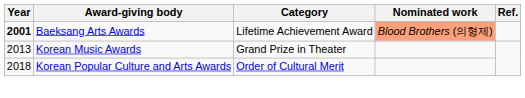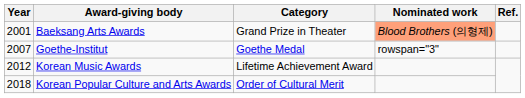 <table class="wikitable">
 <tr>
 <th>Year</th>
 <th>Award-giving body</th>
 <th>Category</th>
 <th>Nominated work</th>
 <th>Ref.</th>
 </tr>
 <tr>
-<td><strong>2001</strong></td>
+<td>2001</td>
 <td><a href='#'>Baeksang Arts Awards</a></td>
-<td>Lifetime Achievement Award</td>
+<td>Grand Prize in Theater</td>
 <td style="background: lightsalmon;"><em>Blood Brothers</em> (의형제)</td>
 <td></td>
 </tr>
 <tr>
-<td>2013</td>
+<td>2007</td>
+<td><a href='#'>Goethe-Institut</a></td>
+<td><a href='#'>Goethe Medal</a></td>
+<td>rowspan="3" </td>
+<td></td>
+</tr>
+<tr>
+<td>2012</td>
 <td><a href='#'>Korean Music Awards</a></td>
-<td>Grand Prize in Theater</td>
+<td>Lifetime Achievement Award</td>
 <td></td>
 </tr>
 <tr>
 <td>2018</td>
 <td><a href='#'>Korean Popular Culture and Arts Awards</a></td>
 <td><a href='#'>Order of Cultural Merit</a></td>
 <td></td>
 </tr>
 </table>
